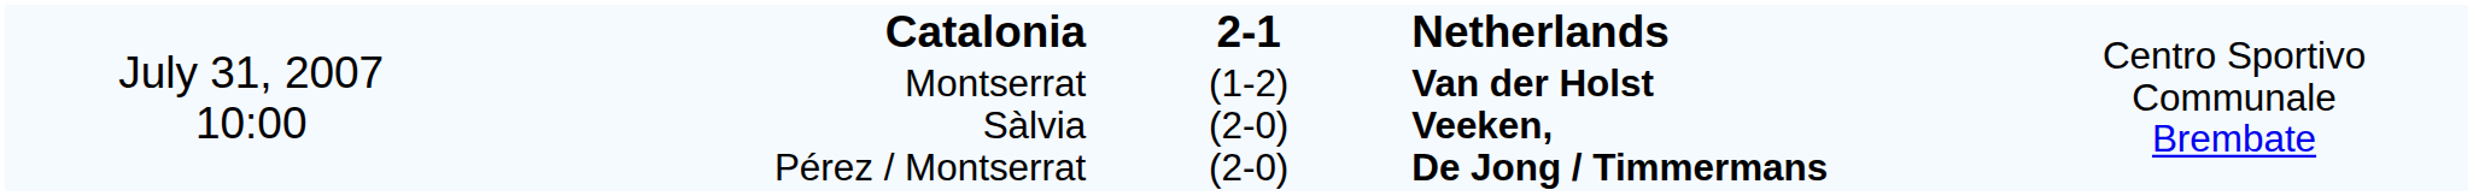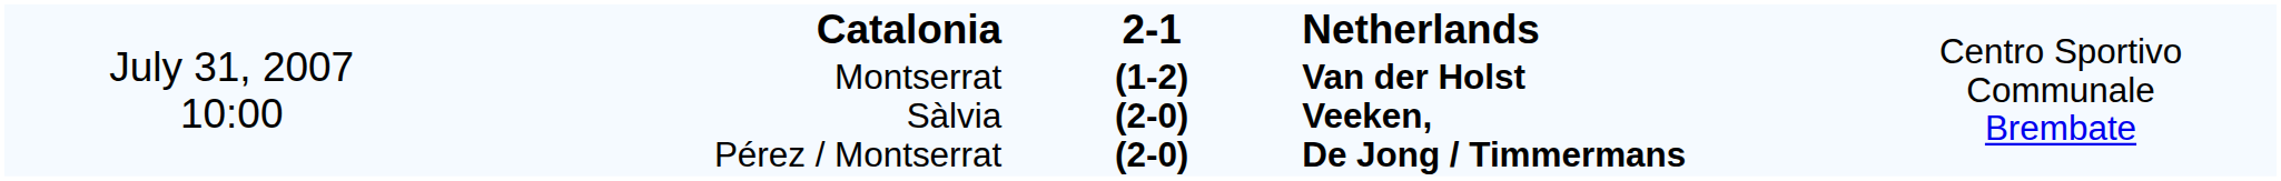 <table style="width: 100%; background:#F5FAFF;" cellspacing="0">
 <tr>
 <td align=center rowspan=3 width=20%>July 31, 2007<br>10:00</td>
 </tr>
 <tr>
 <td width=24% align=right><strong>Catalonia</strong></td>
 <td align=center width=13%><strong>2-1</strong></td>
 <td width=24%><strong>Netherlands</strong></td>
 <td style=font-size:85% rowspan=3 valign=middle align=center>Centro Sportivo Communale<br><a href='#'>Brembate</a></td>
 </tr>
 <tr style=font-size:85%>
 <td align=right valign=top>Montserrat<br>Sàlvia<br>Pérez / Montserrat</td>
-<td align=center>(1-2)<br>(2-0)<br>(2-0)</td>
+<td align=center><strong>(1-2)<br>(2-0)<br>(2-0)</strong></td>
 <td><strong>Van der Holst<br>Veeken,<br>De Jong / Timmermans</strong></td>
 </tr>
 </table>
